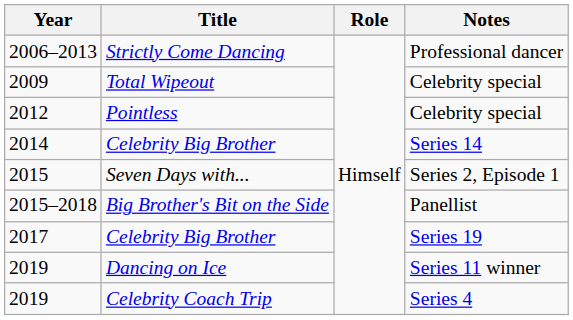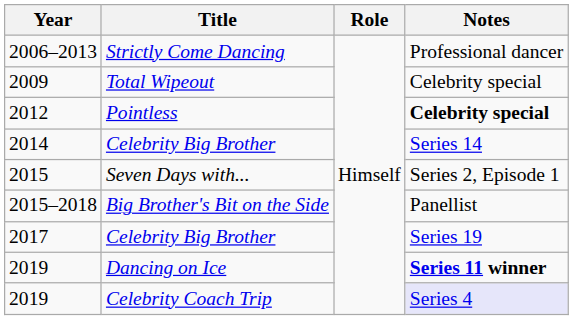 <table class="wikitable sortable">
 <tr>
 <th>Year</th>
 <th>Title</th>
 <th>Role</th>
 <th class="unsortable">Notes</th>
 </tr>
 <tr>
 <td>2006–2013</td>
 <td><em><a href='#'>Strictly Come Dancing</a></em></td>
 <td rowspan=9>Himself</td>
 <td>Professional dancer</td>
 </tr>
 <tr>
 <td>2009</td>
 <td><em><a href='#'>Total Wipeout</a></em></td>
 <td>Celebrity special</td>
 </tr>
 <tr>
 <td>2012</td>
 <td><em><a href='#'>Pointless</a></em></td>
-<td>Celebrity special</td>
+<td><strong>Celebrity special</strong></td>
 </tr>
 <tr>
 <td>2014</td>
 <td><em><a href='#'>Celebrity Big Brother</a></em></td>
 <td><a href='#'>Series 14</a></td>
 </tr>
 <tr>
 <td>2015</td>
 <td><em>Seven Days with...</em></td>
 <td>Series 2, Episode 1</td>
 </tr>
 <tr>
 <td>2015–2018</td>
 <td><em><a href='#'>Big Brother's Bit on the Side</a></em></td>
 <td>Panellist</td>
 </tr>
 <tr>
 <td>2017</td>
 <td><em><a href='#'>Celebrity Big Brother</a></em></td>
 <td><a href='#'>Series 19</a></td>
 </tr>
 <tr>
 <td>2019</td>
 <td><em><a href='#'>Dancing on Ice</a></em></td>
-<td><a href='#'>Series 11</a> winner</td>
+<td><strong><a href='#'>Series 11</a> winner</strong></td>
 </tr>
 <tr>
 <td>2019</td>
 <td><em><a href='#'>Celebrity Coach Trip</a></em></td>
-<td><a href='#'>Series 4</a></td>
+<td style="background: lavender;"><a href='#'>Series 4</a></td>
 </tr>
 </table>
